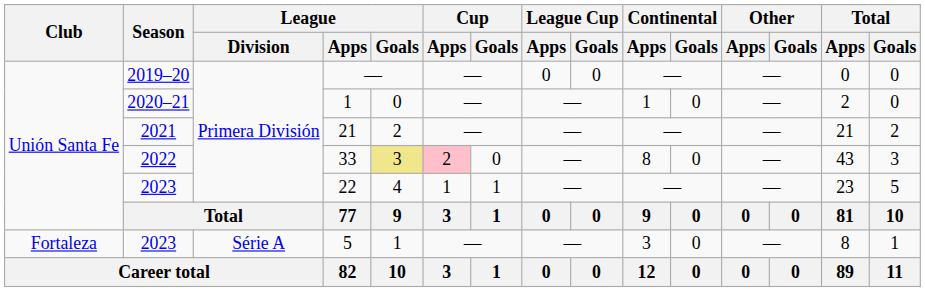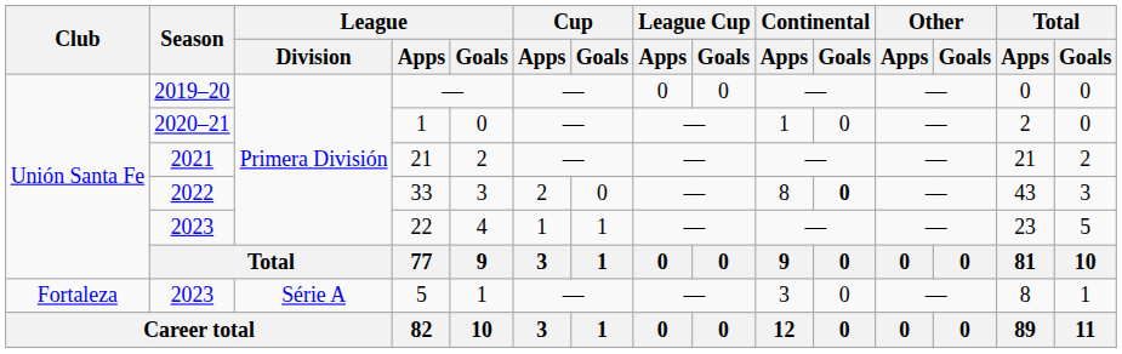 <table class="wikitable" style="text-align:center">
 <tr>
 <th rowspan="2">Club</th>
 <th rowspan="2">Season</th>
 <th colspan="3">League</th>
 <th colspan="2">Cup</th>
 <th colspan="2">League Cup</th>
 <th colspan="2">Continental</th>
 <th colspan="2">Other</th>
 <th colspan="2">Total</th>
 </tr>
 <tr>
 <th>Division</th>
 <th>Apps</th>
 <th>Goals</th>
 <th>Apps</th>
 <th>Goals</th>
 <th>Apps</th>
 <th>Goals</th>
 <th>Apps</th>
 <th>Goals</th>
 <th>Apps</th>
 <th>Goals</th>
 <th>Apps</th>
 <th>Goals</th>
 </tr>
 <tr>
 <td rowspan="6"><a href='#'>Unión Santa Fe</a></td>
 <td><a href='#'>2019–20</a></td>
 <td rowspan="5"><a href='#'>Primera División</a></td>
 <td colspan="2">—</td>
 <td colspan="2">—</td>
 <td>0</td>
 <td>0</td>
 <td colspan="2">—</td>
 <td colspan="2">—</td>
 <td>0</td>
 <td>0</td>
 </tr>
 <tr>
 <td><a href='#'>2020–21</a></td>
 <td>1</td>
 <td>0</td>
 <td colspan="2">—</td>
 <td colspan="2">—</td>
 <td>1</td>
 <td>0</td>
 <td colspan="2">—</td>
 <td>2</td>
 <td>0</td>
 </tr>
 <tr>
 <td><a href='#'>2021</a></td>
 <td>21</td>
 <td>2</td>
 <td colspan="2">—</td>
 <td colspan="2">—</td>
 <td colspan="2">—</td>
 <td colspan="2">—</td>
 <td>21</td>
 <td>2</td>
 </tr>
 <tr>
 <td><a href='#'>2022</a></td>
 <td>33</td>
-<td style="background: khaki;">3</td>
-<td style="background: pink;">2</td>
+<td>3</td>
+<td>2</td>
 <td>0</td>
 <td colspan="2">—</td>
 <td>8</td>
-<td>0</td>
+<td><strong>0</strong></td>
 <td colspan="2">—</td>
 <td>43</td>
 <td>3</td>
 </tr>
 <tr>
 <td><a href='#'>2023</a></td>
 <td>22</td>
 <td>4</td>
 <td>1</td>
 <td>1</td>
 <td colspan="2">—</td>
 <td colspan="2">—</td>
 <td colspan="2">—</td>
 <td>23</td>
 <td>5</td>
 </tr>
 <tr>
 <th colspan="2">Total</th>
 <th>77</th>
 <th>9</th>
 <th>3</th>
 <th>1</th>
 <th>0</th>
 <th>0</th>
 <th>9</th>
 <th>0</th>
 <th>0</th>
 <th>0</th>
 <th>81</th>
 <th>10</th>
 </tr>
 <tr>
 <td rowspan="1"><a href='#'>Fortaleza</a></td>
 <td><a href='#'>2023</a></td>
 <td rowspan="1"><a href='#'>Série A</a></td>
 <td>5</td>
 <td>1</td>
 <td colspan="2">—</td>
 <td colspan="2">—</td>
 <td>3</td>
 <td>0</td>
 <td colspan="2">—</td>
 <td>8</td>
 <td>1</td>
 </tr>
 <tr>
 <th colspan="3">Career total</th>
 <th>82</th>
 <th>10</th>
 <th>3</th>
 <th>1</th>
 <th>0</th>
 <th>0</th>
 <th>12</th>
 <th>0</th>
 <th>0</th>
 <th>0</th>
 <th>89</th>
 <th>11</th>
 </tr>
 </table>
